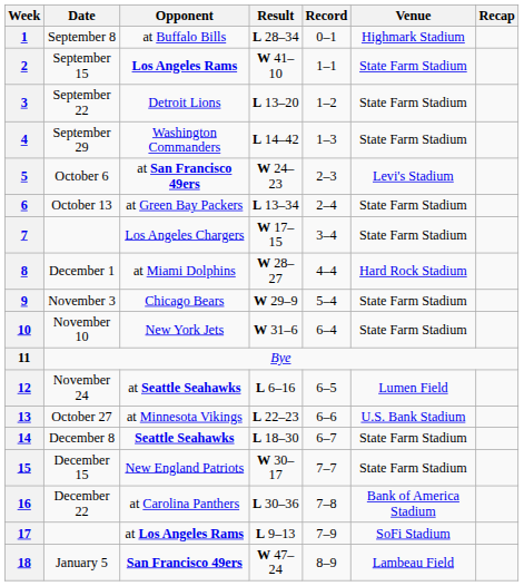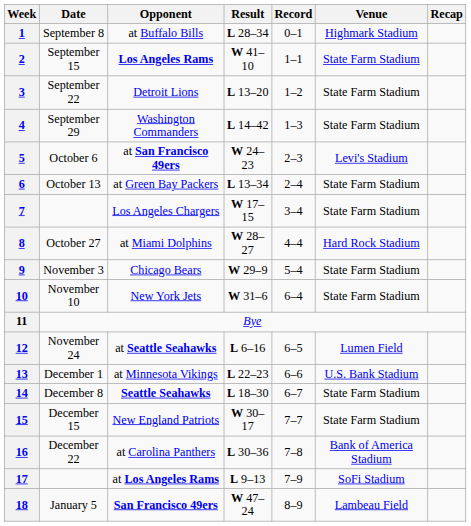 <table class="wikitable" style="text-align:center">
 <tr>
 <th>Week</th>
 <th>Date</th>
 <th>Opponent</th>
 <th>Result</th>
 <th>Record</th>
 <th>Venue</th>
 <th>Recap</th>
 </tr>
 <tr>
 <th><a href='#'>1</a></th>
 <td>September 8</td>
 <td>at <a href='#'>Buffalo Bills</a></td>
 <td><strong>L</strong> 28–34</td>
 <td>0–1</td>
 <td><a href='#'>Highmark Stadium</a></td>
 <td></td>
 </tr>
 <tr>
 <th><a href='#'>2</a></th>
 <td>September 15</td>
 <td><strong><a href='#'>Los Angeles Rams</a></strong></td>
 <td><strong>W</strong> 41–10</td>
 <td>1–1</td>
 <td><a href='#'>State Farm Stadium</a></td>
 <td></td>
 </tr>
 <tr>
 <th><a href='#'>3</a></th>
 <td>September 22</td>
 <td><a href='#'>Detroit Lions</a></td>
 <td><strong>L</strong> 13–20</td>
 <td>1–2</td>
 <td>State Farm Stadium</td>
 <td></td>
 </tr>
 <tr>
 <th><a href='#'>4</a></th>
 <td>September 29</td>
 <td><a href='#'>Washington Commanders</a></td>
 <td><strong>L</strong> 14–42</td>
 <td>1–3</td>
 <td>State Farm Stadium</td>
 <td></td>
 </tr>
 <tr>
 <th><a href='#'>5</a></th>
 <td>October 6</td>
 <td>at <strong><a href='#'>San Francisco 49ers</a></strong></td>
 <td><strong>W</strong> 24–23</td>
 <td>2–3</td>
 <td><a href='#'>Levi's Stadium</a></td>
 <td></td>
 </tr>
 <tr>
 <th><a href='#'>6</a></th>
 <td>October 13</td>
 <td>at <a href='#'>Green Bay Packers</a></td>
 <td><strong>L</strong> 13–34</td>
 <td>2–4</td>
 <td>State Farm Stadium</td>
 <td></td>
 </tr>
 <tr>
 <th><a href='#'>7</a></th>
 <td></td>
 <td><a href='#'>Los Angeles Chargers</a></td>
 <td><strong>W</strong> 17–15</td>
 <td>3–4</td>
 <td>State Farm Stadium</td>
 <td></td>
 </tr>
 <tr>
 <th><a href='#'>8</a></th>
-<td>December 1</td>
+<td>October 27</td>
 <td>at <a href='#'>Miami Dolphins</a></td>
 <td><strong>W</strong> 28–27</td>
 <td>4–4</td>
 <td><a href='#'>Hard Rock Stadium</a></td>
 <td></td>
 </tr>
 <tr>
 <th><a href='#'>9</a></th>
 <td>November 3</td>
 <td><a href='#'>Chicago Bears</a></td>
 <td><strong>W</strong> 29–9</td>
 <td>5–4</td>
 <td>State Farm Stadium</td>
 <td></td>
 </tr>
 <tr>
 <th><a href='#'>10</a></th>
 <td>November 10</td>
 <td><a href='#'>New York Jets</a></td>
 <td><strong>W</strong> 31–6</td>
 <td>6–4</td>
 <td>State Farm Stadium</td>
 <td></td>
 </tr>
 <tr>
 <th>11</th>
 <td colspan="6"><em><a href='#'>Bye</a></em></td>
 </tr>
 <tr>
 <th><a href='#'>12</a></th>
 <td>November 24</td>
 <td>at <strong><a href='#'>Seattle Seahawks</a></strong></td>
 <td><strong>L</strong> 6–16</td>
 <td>6–5</td>
 <td><a href='#'>Lumen Field</a></td>
 <td></td>
 </tr>
 <tr>
 <th><a href='#'>13</a></th>
-<td>October 27</td>
+<td>December 1</td>
 <td>at <a href='#'>Minnesota Vikings</a></td>
 <td><strong>L</strong> 22–23</td>
 <td>6–6</td>
 <td><a href='#'>U.S. Bank Stadium</a></td>
 <td></td>
 </tr>
 <tr>
 <th><a href='#'>14</a></th>
 <td>December 8</td>
 <td><strong><a href='#'>Seattle Seahawks</a></strong></td>
 <td><strong>L</strong> 18–30</td>
 <td>6–7</td>
 <td>State Farm Stadium</td>
 <td></td>
 </tr>
 <tr>
 <th><a href='#'>15</a></th>
 <td>December 15</td>
 <td><a href='#'>New England Patriots</a></td>
 <td><strong>W</strong> 30–17</td>
 <td>7–7</td>
 <td>State Farm Stadium</td>
 <td></td>
 </tr>
 <tr>
 <th><a href='#'>16</a></th>
 <td>December 22</td>
 <td>at <a href='#'>Carolina Panthers</a></td>
 <td><strong>L</strong> 30–36 </td>
 <td>7–8</td>
 <td><a href='#'>Bank of America Stadium</a></td>
 <td></td>
 </tr>
 <tr>
 <th><a href='#'>17</a></th>
 <td></td>
 <td>at <strong><a href='#'>Los Angeles Rams</a></strong></td>
 <td><strong>L</strong> 9–13</td>
 <td>7–9</td>
 <td><a href='#'>SoFi Stadium</a></td>
 <td></td>
 </tr>
 <tr>
 <th><a href='#'>18</a></th>
 <td>January 5</td>
 <td><strong><a href='#'>San Francisco 49ers</a></strong></td>
 <td><strong>W</strong> 47–24</td>
 <td>8–9</td>
 <td><a href='#'>Lambeau Field</a></td>
 <td></td>
 </tr>
 </table>
